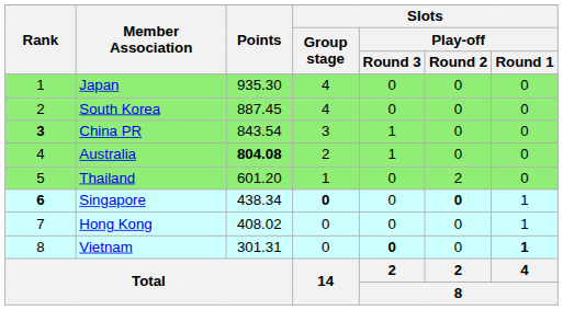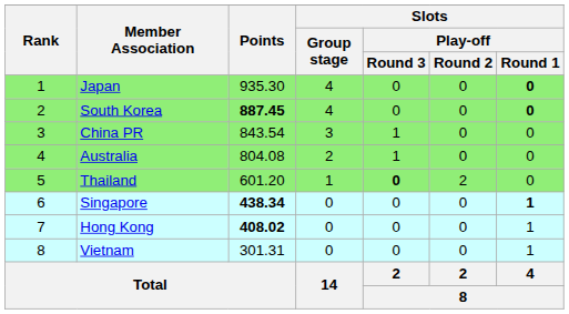 <table class="wikitable" style="text-align:center">
 <tr>
 </tr>
 <tr>
 <th rowspan=3>Rank</th>
 <th rowspan=3>Member<br>Association</th>
 <th rowspan=3 width=12%>Points</th>
 <th colspan=4>Slots</th>
 </tr>
 <tr>
 <th rowspan=2 width=12%>Group stage</th>
 <th colspan=3>Play-off</th>
 </tr>
 <tr>
 <th width=12%>Round 3</th>
 <th width=12%>Round 2</th>
 <th width=12%>Round 1</th>
 </tr>
 <tr bgcolor=#90EE77>
 <td>1</td>
 <td align=left> <a href='#'>Japan</a></td>
 <td>935.30</td>
 <td>4</td>
 <td>0</td>
 <td>0</td>
-<td>0</td>
+<td><strong>0</strong></td>
 </tr>
 <tr bgcolor=#90EE77>
 <td>2</td>
 <td align=left> <a href='#'>South Korea</a></td>
-<td>887.45</td>
+<td><strong>887.45</strong></td>
 <td>4</td>
 <td>0</td>
 <td>0</td>
-<td>0</td>
+<td><strong>0</strong></td>
 </tr>
 <tr bgcolor=#90EE77>
-<td><strong>3</strong></td>
+<td>3</td>
 <td align=left> <a href='#'>China PR</a></td>
 <td>843.54</td>
 <td>3</td>
 <td>1</td>
 <td>0</td>
 <td>0</td>
 </tr>
 <tr bgcolor=#90EE77>
 <td>4</td>
 <td align=left> <a href='#'>Australia</a></td>
-<td><strong>804.08</strong></td>
+<td>804.08</td>
 <td>2</td>
 <td>1</td>
 <td>0</td>
 <td>0</td>
 </tr>
 <tr bgcolor=#90EE77>
 <td>5</td>
 <td align=left> <a href='#'>Thailand</a></td>
 <td>601.20</td>
 <td>1</td>
-<td>0</td>
+<td><strong>0</strong></td>
 <td>2</td>
 <td>0</td>
 </tr>
 <tr bgcolor=#ccffff>
-<td><strong>6</strong></td>
+<td>6</td>
 <td align=left> <a href='#'>Singapore</a></td>
-<td>438.34</td>
-<td><strong>0</strong></td>
+<td><strong>438.34</strong></td>
 <td>0</td>
-<td><strong>0</strong></td>
-<td>1</td>
+<td>0</td>
+<td>0</td>
+<td><strong>1</strong></td>
 </tr>
 <tr bgcolor=#ccffff>
 <td>7</td>
 <td align=left> <a href='#'>Hong Kong</a></td>
-<td>408.02</td>
+<td><strong>408.02</strong></td>
 <td>0</td>
 <td>0</td>
 <td>0</td>
 <td>1</td>
 </tr>
 <tr bgcolor=#ccffff>
 <td>8</td>
 <td align=left> <a href='#'>Vietnam</a></td>
 <td>301.31</td>
 <td>0</td>
-<td><strong>0</strong></td>
 <td>0</td>
-<td><strong>1</strong></td>
+<td>0</td>
+<td>1</td>
 </tr>
 <tr>
 <th colspan=3 rowspan=2>Total</th>
 <th rowspan=2>14</th>
 <th>2</th>
 <th>2</th>
 <th>4</th>
 </tr>
 <tr>
 <th colspan=3>8</th>
 </tr>
 </table>
